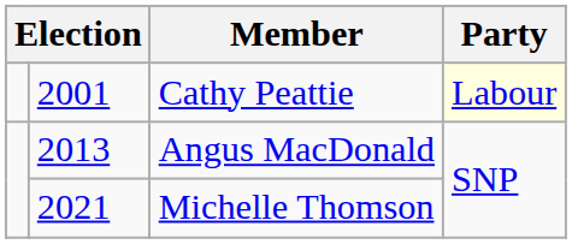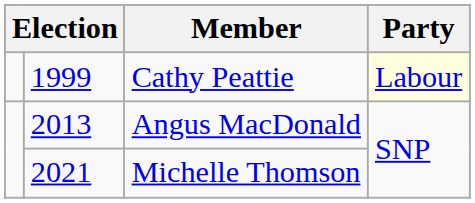 <table class="wikitable">
 <tr>
 <th colspan="2">Election</th>
 <th>Member</th>
 <th>Party</th>
 </tr>
 <tr>
 <td style="background-color: "></td>
-<td><a href='#'>2001</a></td>
+<td><a href='#'>1999</a></td>
 <td><a href='#'>Cathy Peattie</a></td>
 <td style="background: lightyellow;"><a href='#'>Labour</a></td>
 </tr>
 <tr>
 <td rowspan=2 style="background-color: "></td>
 <td><a href='#'>2013</a></td>
 <td><a href='#'>Angus MacDonald</a></td>
 <td rowspan=2><a href='#'>SNP</a></td>
 </tr>
 <tr>
 <td><a href='#'>2021</a></td>
 <td><a href='#'>Michelle Thomson</a></td>
 </tr>
 </table>
